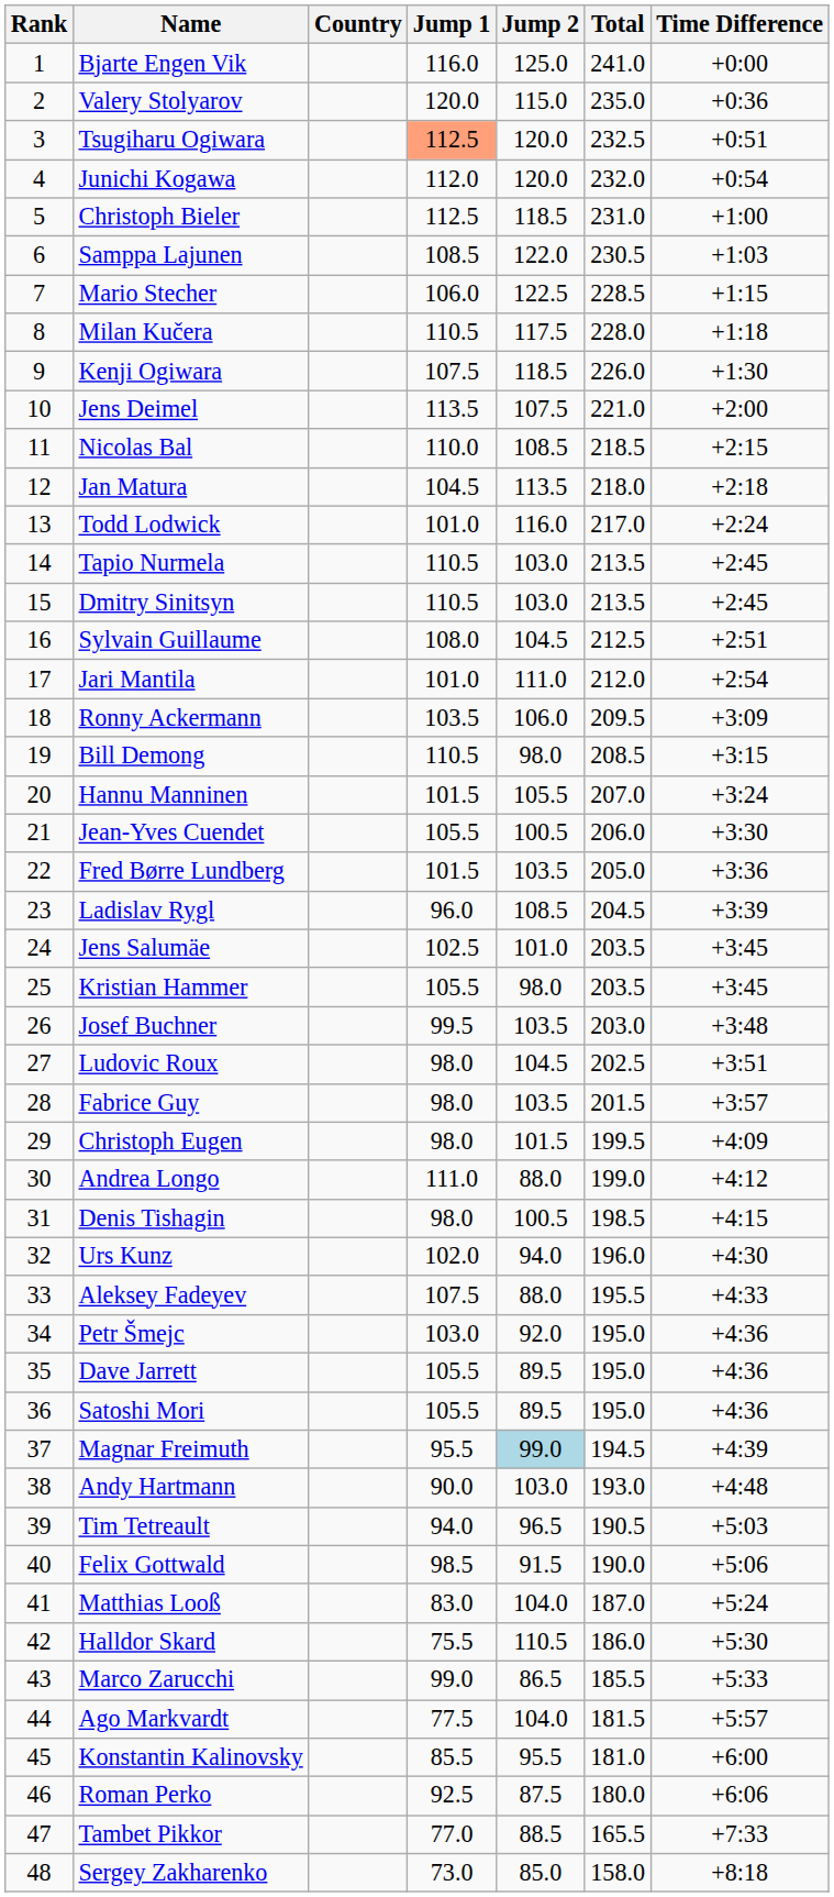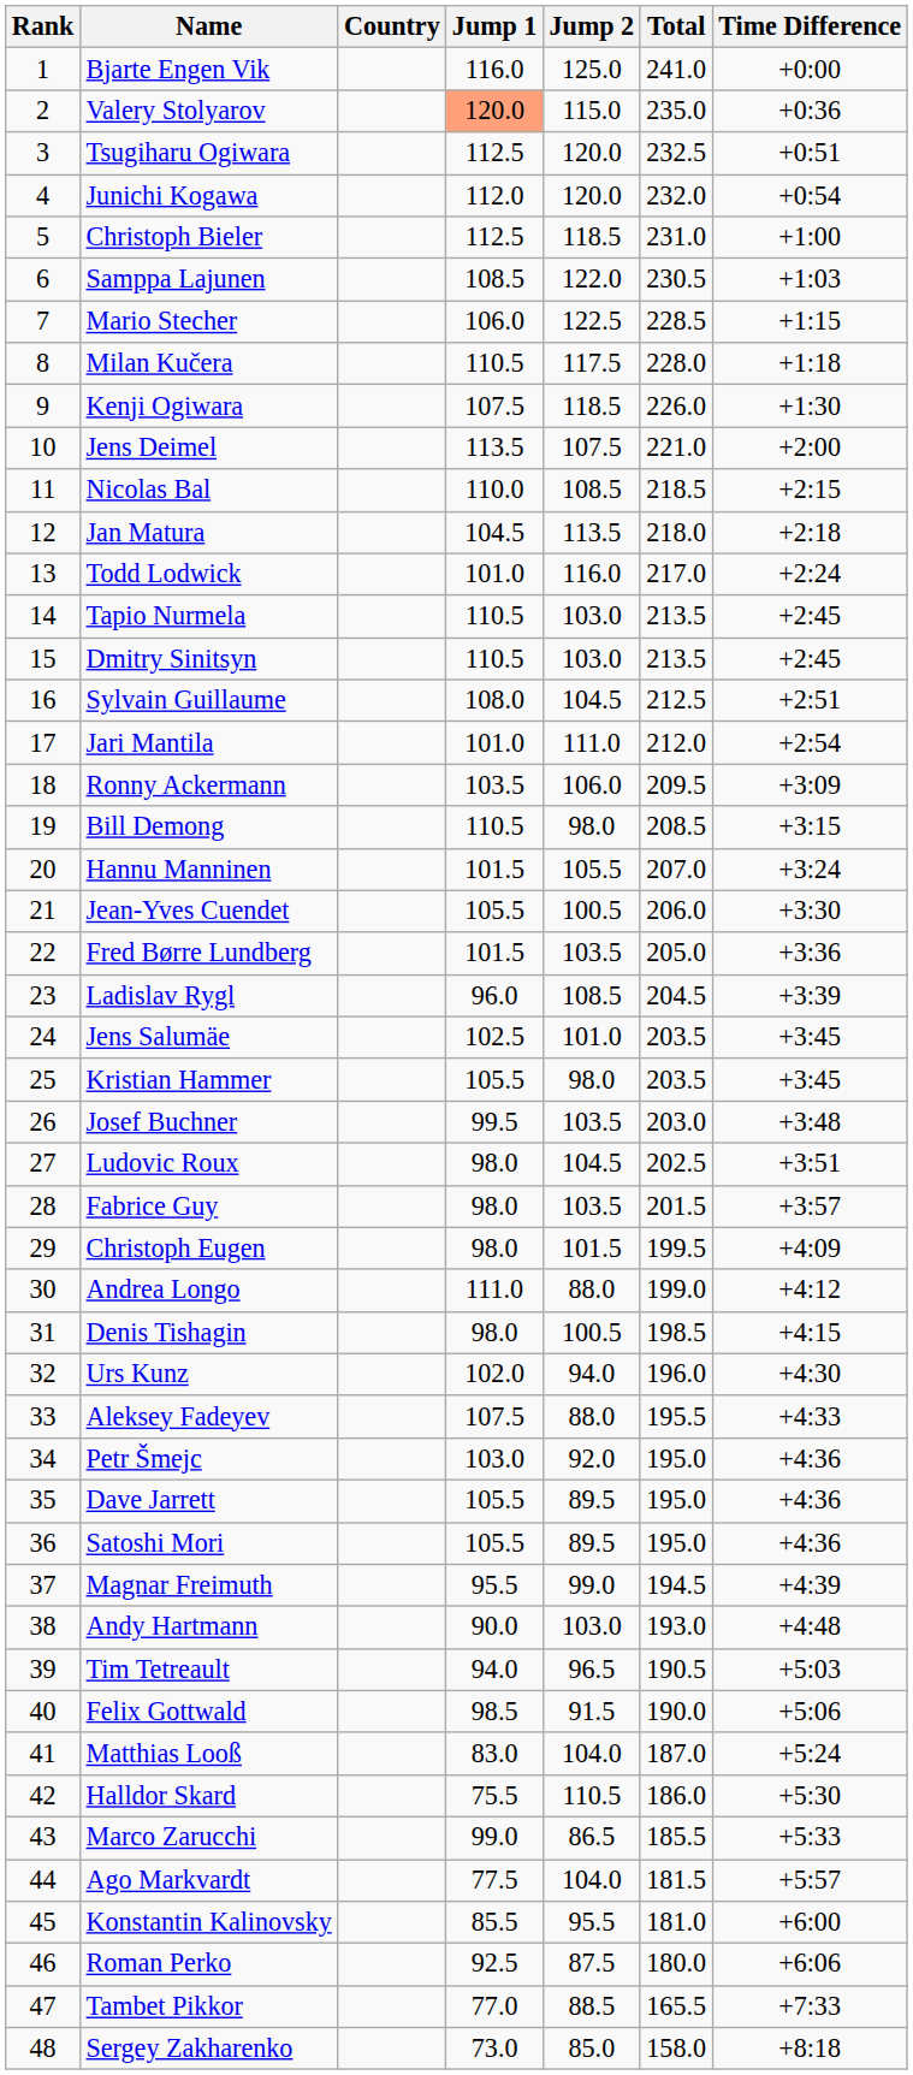 <table class="wikitable sortable" style="text-align:center">
 <tr>
 <th>Rank</th>
 <th>Name</th>
 <th>Country</th>
 <th>Jump 1</th>
 <th>Jump 2</th>
 <th>Total</th>
 <th>Time Difference</th>
 </tr>
 <tr>
 <td>1</td>
 <td align=left><a href='#'>Bjarte Engen Vik</a></td>
 <td align=left></td>
 <td>116.0</td>
 <td>125.0</td>
 <td>241.0</td>
 <td>+0:00</td>
 </tr>
 <tr>
 <td>2</td>
 <td align=left><a href='#'>Valery Stolyarov</a></td>
 <td align=left></td>
-<td>120.0</td>
+<td style="background: lightsalmon;">120.0</td>
 <td>115.0</td>
 <td>235.0</td>
 <td>+0:36</td>
 </tr>
 <tr>
 <td>3</td>
 <td align=left><a href='#'>Tsugiharu Ogiwara</a></td>
 <td align=left></td>
-<td style="background: lightsalmon;">112.5</td>
+<td>112.5</td>
 <td>120.0</td>
 <td>232.5</td>
 <td>+0:51</td>
 </tr>
 <tr>
 <td>4</td>
 <td align=left><a href='#'>Junichi Kogawa</a></td>
 <td align=left></td>
 <td>112.0</td>
 <td>120.0</td>
 <td>232.0</td>
 <td>+0:54</td>
 </tr>
 <tr>
 <td>5</td>
 <td align=left><a href='#'>Christoph Bieler</a></td>
 <td align=left></td>
 <td>112.5</td>
 <td>118.5</td>
 <td>231.0</td>
 <td>+1:00</td>
 </tr>
 <tr>
 <td>6</td>
 <td align=left><a href='#'>Samppa Lajunen</a></td>
 <td align=left></td>
 <td>108.5</td>
 <td>122.0</td>
 <td>230.5</td>
 <td>+1:03</td>
 </tr>
 <tr>
 <td>7</td>
 <td align=left><a href='#'>Mario Stecher</a></td>
 <td align=left></td>
 <td>106.0</td>
 <td>122.5</td>
 <td>228.5</td>
 <td>+1:15</td>
 </tr>
 <tr>
 <td>8</td>
 <td align=left><a href='#'>Milan Kučera</a></td>
 <td align=left></td>
 <td>110.5</td>
 <td>117.5</td>
 <td>228.0</td>
 <td>+1:18</td>
 </tr>
 <tr>
 <td>9</td>
 <td align=left><a href='#'>Kenji Ogiwara</a></td>
 <td align=left></td>
 <td>107.5</td>
 <td>118.5</td>
 <td>226.0</td>
 <td>+1:30</td>
 </tr>
 <tr>
 <td>10</td>
 <td align=left><a href='#'>Jens Deimel</a></td>
 <td align=left></td>
 <td>113.5</td>
 <td>107.5</td>
 <td>221.0</td>
 <td>+2:00</td>
 </tr>
 <tr>
 <td>11</td>
 <td align=left><a href='#'>Nicolas Bal</a></td>
 <td align=left></td>
 <td>110.0</td>
 <td>108.5</td>
 <td>218.5</td>
 <td>+2:15</td>
 </tr>
 <tr>
 <td>12</td>
 <td align=left><a href='#'>Jan Matura</a></td>
 <td align=left></td>
 <td>104.5</td>
 <td>113.5</td>
 <td>218.0</td>
 <td>+2:18</td>
 </tr>
 <tr>
 <td>13</td>
 <td align=left><a href='#'>Todd Lodwick</a></td>
 <td align=left></td>
 <td>101.0</td>
 <td>116.0</td>
 <td>217.0</td>
 <td>+2:24</td>
 </tr>
 <tr>
 <td>14</td>
 <td align=left><a href='#'>Tapio Nurmela</a></td>
 <td align=left></td>
 <td>110.5</td>
 <td>103.0</td>
 <td>213.5</td>
 <td>+2:45</td>
 </tr>
 <tr>
 <td>15</td>
 <td align=left><a href='#'>Dmitry Sinitsyn</a></td>
 <td align=left></td>
 <td>110.5</td>
 <td>103.0</td>
 <td>213.5</td>
 <td>+2:45</td>
 </tr>
 <tr>
 <td>16</td>
 <td align=left><a href='#'>Sylvain Guillaume</a></td>
 <td align=left></td>
 <td>108.0</td>
 <td>104.5</td>
 <td>212.5</td>
 <td>+2:51</td>
 </tr>
 <tr>
 <td>17</td>
 <td align=left><a href='#'>Jari Mantila</a></td>
 <td align=left></td>
 <td>101.0</td>
 <td>111.0</td>
 <td>212.0</td>
 <td>+2:54</td>
 </tr>
 <tr>
 <td>18</td>
 <td align=left><a href='#'>Ronny Ackermann</a></td>
 <td align=left></td>
 <td>103.5</td>
 <td>106.0</td>
 <td>209.5</td>
 <td>+3:09</td>
 </tr>
 <tr>
 <td>19</td>
 <td align=left><a href='#'>Bill Demong</a></td>
 <td align=left></td>
 <td>110.5</td>
 <td>98.0</td>
 <td>208.5</td>
 <td>+3:15</td>
 </tr>
 <tr>
 <td>20</td>
 <td align=left><a href='#'>Hannu Manninen</a></td>
 <td align=left></td>
 <td>101.5</td>
 <td>105.5</td>
 <td>207.0</td>
 <td>+3:24</td>
 </tr>
 <tr>
 <td>21</td>
 <td align=left><a href='#'>Jean-Yves Cuendet</a></td>
 <td align=left></td>
 <td>105.5</td>
 <td>100.5</td>
 <td>206.0</td>
 <td>+3:30</td>
 </tr>
 <tr>
 <td>22</td>
 <td align=left><a href='#'>Fred Børre Lundberg</a></td>
 <td align=left></td>
 <td>101.5</td>
 <td>103.5</td>
 <td>205.0</td>
 <td>+3:36</td>
 </tr>
 <tr>
 <td>23</td>
 <td align=left><a href='#'>Ladislav Rygl</a></td>
 <td align=left></td>
 <td>96.0</td>
 <td>108.5</td>
 <td>204.5</td>
 <td>+3:39</td>
 </tr>
 <tr>
 <td>24</td>
 <td align=left><a href='#'>Jens Salumäe</a></td>
 <td align=left></td>
 <td>102.5</td>
 <td>101.0</td>
 <td>203.5</td>
 <td>+3:45</td>
 </tr>
 <tr>
 <td>25</td>
 <td align=left><a href='#'>Kristian Hammer</a></td>
 <td align=left></td>
 <td>105.5</td>
 <td>98.0</td>
 <td>203.5</td>
 <td>+3:45</td>
 </tr>
 <tr>
 <td>26</td>
 <td align=left><a href='#'>Josef Buchner</a></td>
 <td align=left></td>
 <td>99.5</td>
 <td>103.5</td>
 <td>203.0</td>
 <td>+3:48</td>
 </tr>
 <tr>
 <td>27</td>
 <td align=left><a href='#'>Ludovic Roux</a></td>
 <td align=left></td>
 <td>98.0</td>
 <td>104.5</td>
 <td>202.5</td>
 <td>+3:51</td>
 </tr>
 <tr>
 <td>28</td>
 <td align=left><a href='#'>Fabrice Guy</a></td>
 <td align=left></td>
 <td>98.0</td>
 <td>103.5</td>
 <td>201.5</td>
 <td>+3:57</td>
 </tr>
 <tr>
 <td>29</td>
 <td align=left><a href='#'>Christoph Eugen</a></td>
 <td align=left></td>
 <td>98.0</td>
 <td>101.5</td>
 <td>199.5</td>
 <td>+4:09</td>
 </tr>
 <tr>
 <td>30</td>
 <td align=left><a href='#'>Andrea Longo</a></td>
 <td align=left></td>
 <td>111.0</td>
 <td>88.0</td>
 <td>199.0</td>
 <td>+4:12</td>
 </tr>
 <tr>
 <td>31</td>
 <td align=left><a href='#'>Denis Tishagin</a></td>
 <td align=left></td>
 <td>98.0</td>
 <td>100.5</td>
 <td>198.5</td>
 <td>+4:15</td>
 </tr>
 <tr>
 <td>32</td>
 <td align=left><a href='#'>Urs Kunz</a></td>
 <td align=left></td>
 <td>102.0</td>
 <td>94.0</td>
 <td>196.0</td>
 <td>+4:30</td>
 </tr>
 <tr>
 <td>33</td>
 <td align=left><a href='#'>Aleksey Fadeyev</a></td>
 <td align=left></td>
 <td>107.5</td>
 <td>88.0</td>
 <td>195.5</td>
 <td>+4:33</td>
 </tr>
 <tr>
 <td>34</td>
 <td align=left><a href='#'>Petr Šmejc</a></td>
 <td align=left></td>
 <td>103.0</td>
 <td>92.0</td>
 <td>195.0</td>
 <td>+4:36</td>
 </tr>
 <tr>
 <td>35</td>
 <td align=left><a href='#'>Dave Jarrett</a></td>
 <td align=left></td>
 <td>105.5</td>
 <td>89.5</td>
 <td>195.0</td>
 <td>+4:36</td>
 </tr>
 <tr>
 <td>36</td>
 <td align=left><a href='#'>Satoshi Mori</a></td>
 <td align=left></td>
 <td>105.5</td>
 <td>89.5</td>
 <td>195.0</td>
 <td>+4:36</td>
 </tr>
 <tr>
 <td>37</td>
 <td align=left><a href='#'>Magnar Freimuth</a></td>
 <td align=left></td>
 <td>95.5</td>
-<td style="background: lightblue;">99.0</td>
+<td>99.0</td>
 <td>194.5</td>
 <td>+4:39</td>
 </tr>
 <tr>
 <td>38</td>
 <td align=left><a href='#'>Andy Hartmann</a></td>
 <td align=left></td>
 <td>90.0</td>
 <td>103.0</td>
 <td>193.0</td>
 <td>+4:48</td>
 </tr>
 <tr>
 <td>39</td>
 <td align=left><a href='#'>Tim Tetreault</a></td>
 <td align=left></td>
 <td>94.0</td>
 <td>96.5</td>
 <td>190.5</td>
 <td>+5:03</td>
 </tr>
 <tr>
 <td>40</td>
 <td align=left><a href='#'>Felix Gottwald</a></td>
 <td align=left></td>
 <td>98.5</td>
 <td>91.5</td>
 <td>190.0</td>
 <td>+5:06</td>
 </tr>
 <tr>
 <td>41</td>
 <td align=left><a href='#'>Matthias Looß</a></td>
 <td align=left></td>
 <td>83.0</td>
 <td>104.0</td>
 <td>187.0</td>
 <td>+5:24</td>
 </tr>
 <tr>
 <td>42</td>
 <td align=left><a href='#'>Halldor Skard</a></td>
 <td align=left></td>
 <td>75.5</td>
 <td>110.5</td>
 <td>186.0</td>
 <td>+5:30</td>
 </tr>
 <tr>
 <td>43</td>
 <td align=left><a href='#'>Marco Zarucchi</a></td>
 <td align=left></td>
 <td>99.0</td>
 <td>86.5</td>
 <td>185.5</td>
 <td>+5:33</td>
 </tr>
 <tr>
 <td>44</td>
 <td align=left><a href='#'>Ago Markvardt</a></td>
 <td align=left></td>
 <td>77.5</td>
 <td>104.0</td>
 <td>181.5</td>
 <td>+5:57</td>
 </tr>
 <tr>
 <td>45</td>
 <td align=left><a href='#'>Konstantin Kalinovsky</a></td>
 <td align=left></td>
 <td>85.5</td>
 <td>95.5</td>
 <td>181.0</td>
 <td>+6:00</td>
 </tr>
 <tr>
 <td>46</td>
 <td align=left><a href='#'>Roman Perko</a></td>
 <td align=left></td>
 <td>92.5</td>
 <td>87.5</td>
 <td>180.0</td>
 <td>+6:06</td>
 </tr>
 <tr>
 <td>47</td>
 <td align=left><a href='#'>Tambet Pikkor</a></td>
 <td align=left></td>
 <td>77.0</td>
 <td>88.5</td>
 <td>165.5</td>
 <td>+7:33</td>
 </tr>
 <tr>
 <td>48</td>
 <td align=left><a href='#'>Sergey Zakharenko</a></td>
 <td align=left></td>
 <td>73.0</td>
 <td>85.0</td>
 <td>158.0</td>
 <td>+8:18</td>
 </tr>
 </table>
